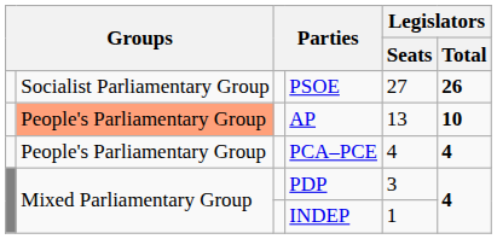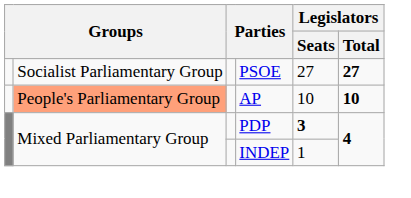 <table class="wikitable" style="text-align:left;">
 <tr>
 <th rowspan="2" colspan="2">Groups</th>
 <th rowspan="2" colspan="2">Parties</th>
 <th colspan="2">Legislators</th>
 </tr>
 <tr>
 <th>Seats</th>
 <th>Total</th>
 </tr>
 <tr>
 <td width="1" style="color:inherit;background:"></td>
 <td>Socialist Parliamentary Group</td>
 <td width="1" style="color:inherit;background:"></td>
 <td><a href='#'>PSOE</a></td>
 <td>27</td>
-<td><strong>26</strong></td>
+<td><strong>27</strong></td>
 </tr>
 <tr>
 <td style="color:inherit;background:"></td>
 <td style="background: lightsalmon;">People's Parliamentary Group</td>
 <td style="color:inherit;background:"></td>
 <td><a href='#'>AP</a></td>
-<td>13</td>
+<td>10</td>
 <td><strong>10</strong></td>
-</tr>
-<tr>
-<td style="color:inherit;background:"></td>
-<td>People's Parliamentary Group</td>
-<td style="color:inherit;background:"></td>
-<td><a href='#'>PCA–PCE</a></td>
-<td>4</td>
-<td><strong>4</strong></td>
 </tr>
 <tr>
 <td rowspan="2" bgcolor="gray"></td>
 <td rowspan="2">Mixed Parliamentary Group</td>
 <td style="color:inherit;background:"></td>
 <td><a href='#'>PDP</a></td>
-<td>3</td>
+<td><strong>3</strong></td>
 <td rowspan="2"><strong>4</strong></td>
 </tr>
 <tr>
 <td style="color:inherit;background:"></td>
 <td><a href='#'>INDEP</a></td>
 <td>1</td>
 </tr>
 </table>
